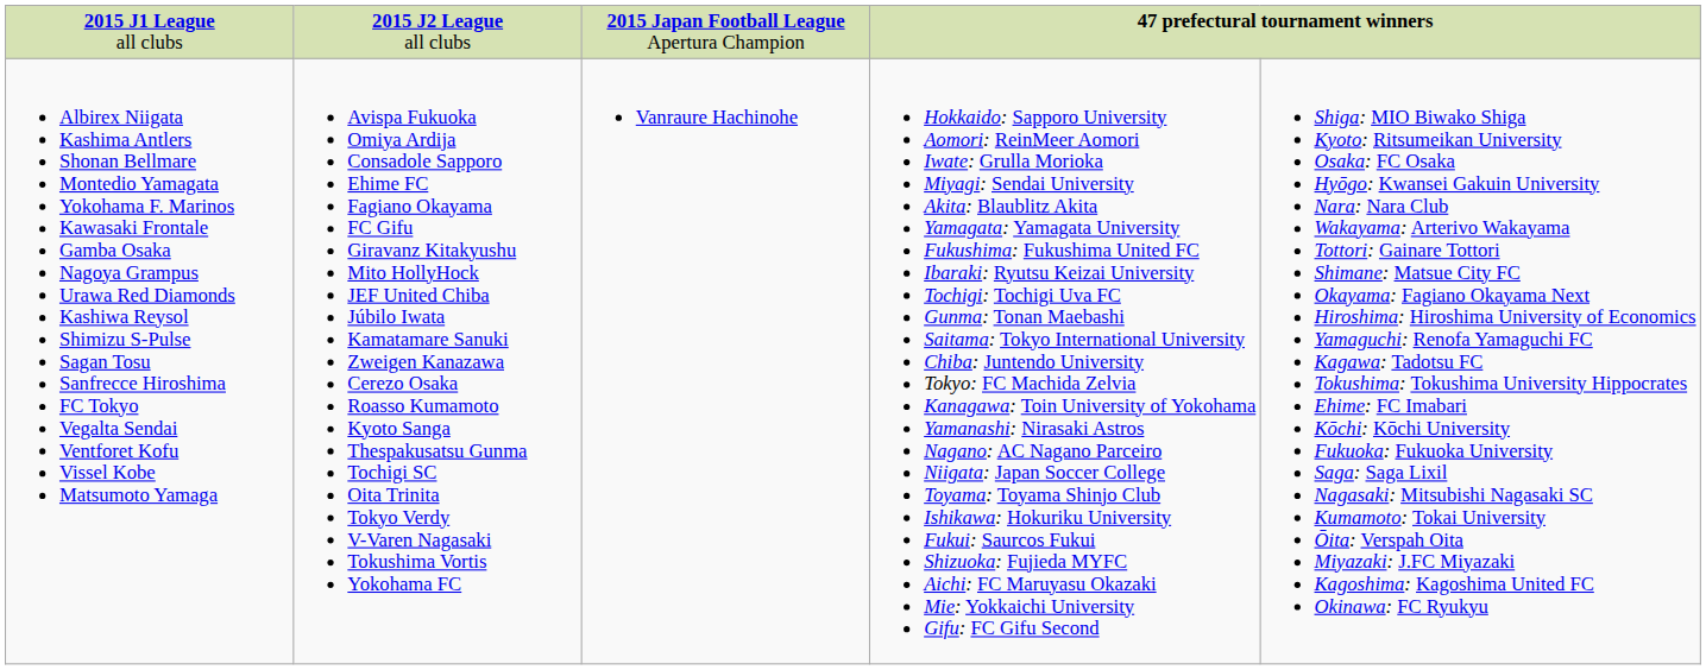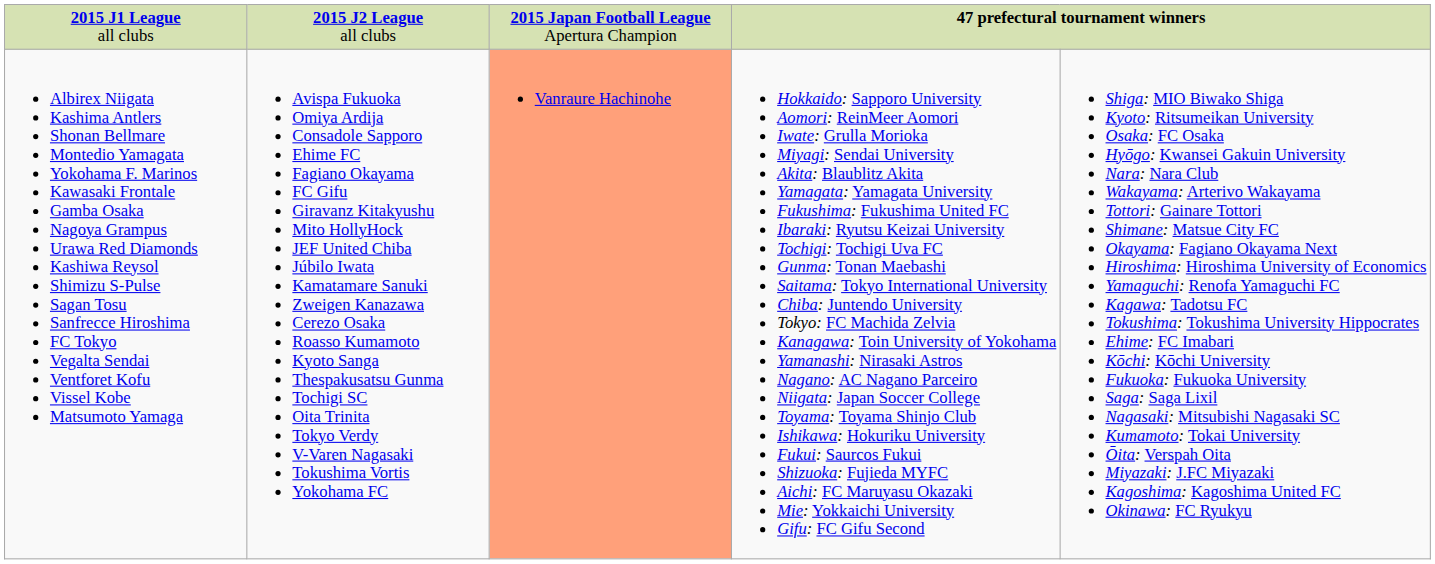 <table class="wikitable">
 <tr style="vertical-align:top; background:#d6e2b3; text-align:center;">
 <td style="width:17%;"><strong><a href='#'>2015 J1 League</a></strong><br>all clubs</td>
 <td style="width:17%;"><strong><a href='#'>2015 J2 League</a></strong><br>all clubs</td>
 <td style="width:17%;"><strong><a href='#'>2015 Japan Football League</a></strong><br>Apertura Champion</td>
 <td colspan=2 style="width:49%;"><strong>47 prefectural tournament winners</strong><br></td>
 </tr>
 <tr valign="top">
 <td><br><ul><li><a href='#'>Albirex Niigata</a></li><li><a href='#'>Kashima Antlers</a></li><li><a href='#'>Shonan Bellmare</a></li><li><a href='#'>Montedio Yamagata</a></li><li><a href='#'>Yokohama F. Marinos</a></li><li><a href='#'>Kawasaki Frontale</a></li><li><a href='#'>Gamba Osaka</a></li><li><a href='#'>Nagoya Grampus</a></li><li><a href='#'>Urawa Red Diamonds</a></li><li><a href='#'>Kashiwa Reysol</a></li><li><a href='#'>Shimizu S-Pulse</a></li><li><a href='#'>Sagan Tosu</a></li><li><a href='#'>Sanfrecce Hiroshima</a></li><li><a href='#'>FC Tokyo</a></li><li><a href='#'>Vegalta Sendai</a></li><li><a href='#'>Ventforet Kofu</a></li><li><a href='#'>Vissel Kobe</a></li><li><a href='#'>Matsumoto Yamaga</a></li></ul></td>
 <td><br><ul><li><a href='#'>Avispa Fukuoka</a></li><li><a href='#'>Omiya Ardija</a></li><li><a href='#'>Consadole Sapporo</a></li><li><a href='#'>Ehime FC</a></li><li><a href='#'>Fagiano Okayama</a></li><li><a href='#'>FC Gifu</a></li><li><a href='#'>Giravanz Kitakyushu</a></li><li><a href='#'>Mito HollyHock</a></li><li><a href='#'>JEF United Chiba</a></li><li><a href='#'>Júbilo Iwata</a></li><li><a href='#'>Kamatamare Sanuki</a></li><li><a href='#'>Zweigen Kanazawa</a></li><li><a href='#'>Cerezo Osaka</a></li><li><a href='#'>Roasso Kumamoto</a></li><li><a href='#'>Kyoto Sanga</a></li><li><a href='#'>Thespakusatsu Gunma</a></li><li><a href='#'>Tochigi SC</a></li><li><a href='#'>Oita Trinita</a></li><li><a href='#'>Tokyo Verdy</a></li><li><a href='#'>V-Varen Nagasaki</a></li><li><a href='#'>Tokushima Vortis</a></li><li><a href='#'>Yokohama FC</a></li></ul></td>
-<td><br><ul><li><a href='#'>Vanraure Hachinohe</a></li></ul></td>
+<td style="background: lightsalmon;"><br><ul><li><a href='#'>Vanraure Hachinohe</a></li></ul></td>
 <td><br><ul><li><em><a href='#'>Hokkaido</a>:</em> <a href='#'>Sapporo University</a></li><li><em><a href='#'>Aomori</a>:</em> <a href='#'>ReinMeer Aomori</a></li><li><em><a href='#'>Iwate</a>:</em> <a href='#'>Grulla Morioka</a></li><li><em><a href='#'>Miyagi</a>:</em> <a href='#'>Sendai University</a></li><li><em><a href='#'>Akita</a>:</em> <a href='#'>Blaublitz Akita</a></li><li><em><a href='#'>Yamagata</a>:</em> <a href='#'>Yamagata University</a></li><li><em><a href='#'>Fukushima</a>:</em> <a href='#'>Fukushima United FC</a></li><li><em><a href='#'>Ibaraki</a>:</em> <a href='#'>Ryutsu Keizai University</a></li><li><em><a href='#'>Tochigi</a>:</em> <a href='#'>Tochigi Uva FC</a></li><li><em><a href='#'>Gunma</a>:</em> <a href='#'>Tonan Maebashi</a></li><li><em><a href='#'>Saitama</a>:</em> <a href='#'>Tokyo International University</a></li><li><em><a href='#'>Chiba</a>:</em> <a href='#'>Juntendo University</a></li><li><em>Tokyo:</em> <a href='#'>FC Machida Zelvia</a></li><li><em><a href='#'>Kanagawa</a>:</em> <a href='#'>Toin University of Yokohama</a></li><li><em><a href='#'>Yamanashi</a>:</em> <a href='#'>Nirasaki Astros</a></li><li><em><a href='#'>Nagano</a>:</em> <a href='#'>AC Nagano Parceiro</a></li><li><em><a href='#'>Niigata</a>:</em> <a href='#'>Japan Soccer College</a></li><li><em><a href='#'>Toyama</a>:</em> <a href='#'>Toyama Shinjo Club</a></li><li><em><a href='#'>Ishikawa</a>:</em> <a href='#'>Hokuriku University</a></li><li><em><a href='#'>Fukui</a>:</em> <a href='#'>Saurcos Fukui</a></li><li><em><a href='#'>Shizuoka</a>:</em> <a href='#'>Fujieda MYFC</a></li><li><em><a href='#'>Aichi</a>:</em> <a href='#'>FC Maruyasu Okazaki</a></li><li><em><a href='#'>Mie</a>:</em> <a href='#'>Yokkaichi University</a></li><li><em><a href='#'>Gifu</a>:</em> <a href='#'>FC Gifu Second</a></li></ul></td>
 <td><br><ul><li><em><a href='#'>Shiga</a>:</em> <a href='#'>MIO Biwako Shiga</a></li><li><em><a href='#'>Kyoto</a>:</em> <a href='#'>Ritsumeikan University</a></li><li><em><a href='#'>Osaka</a>:</em> <a href='#'>FC Osaka</a></li><li><em><a href='#'>Hyōgo</a>:</em> <a href='#'>Kwansei Gakuin University</a></li><li><em><a href='#'>Nara</a>:</em> <a href='#'>Nara Club</a></li><li><em><a href='#'>Wakayama</a>:</em> <a href='#'>Arterivo Wakayama</a></li><li><em><a href='#'>Tottori</a>:</em> <a href='#'>Gainare Tottori</a></li><li><em><a href='#'>Shimane</a>:</em> <a href='#'>Matsue City FC</a></li><li><em><a href='#'>Okayama</a>:</em> <a href='#'>Fagiano Okayama Next</a></li><li><em><a href='#'>Hiroshima</a>:</em> <a href='#'>Hiroshima University of Economics</a></li><li><em><a href='#'>Yamaguchi</a>:</em> <a href='#'>Renofa Yamaguchi FC</a></li><li><em><a href='#'>Kagawa</a>:</em> <a href='#'>Tadotsu FC</a></li><li><em><a href='#'>Tokushima</a>:</em> <a href='#'>Tokushima University Hippocrates</a></li><li><em><a href='#'>Ehime</a>:</em> <a href='#'>FC Imabari</a></li><li><em><a href='#'>Kōchi</a>:</em> <a href='#'>Kōchi University</a></li><li><em><a href='#'>Fukuoka</a>:</em> <a href='#'>Fukuoka University</a></li><li><em><a href='#'>Saga</a>:</em> <a href='#'>Saga Lixil</a></li><li><em><a href='#'>Nagasaki</a>:</em> <a href='#'>Mitsubishi Nagasaki SC</a></li><li><em><a href='#'>Kumamoto</a>:</em> <a href='#'>Tokai University</a></li><li><em><a href='#'>Ōita</a>:</em> <a href='#'>Verspah Oita</a></li><li><em><a href='#'>Miyazaki</a>:</em> <a href='#'>J.FC Miyazaki</a></li><li><em><a href='#'>Kagoshima</a>:</em> <a href='#'>Kagoshima United FC</a></li><li><em><a href='#'>Okinawa</a>:</em> <a href='#'>FC Ryukyu</a></li></ul></td>
 </tr>
 </table>
